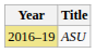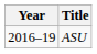 <table class="wikitable sortable">
 <tr>
 <th>Year</th>
 <th>Title</th>
 </tr>
 <tr>
-<td style="background: khaki;">2016–19</td>
+<td>2016–19</td>
 <td><em>ASU</em></td>
 </tr>
 </table>
